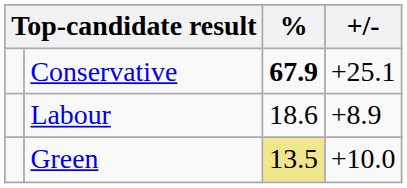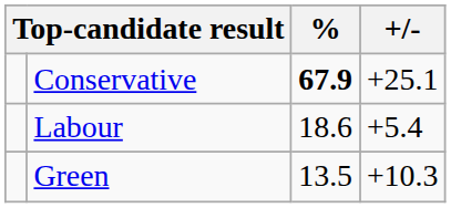 <table class="wikitable">
 <tr>
 <th colspan="2">Top-candidate result</th>
 <th>%</th>
 <th>+/-</th>
 </tr>
 <tr>
 <td style="background-color: "></td>
 <td><a href='#'>Conservative</a></td>
 <td><strong>67.9</strong></td>
 <td><span>+25.1</span></td>
 </tr>
 <tr>
 <td style="background-color: "></td>
 <td><a href='#'>Labour</a></td>
 <td>18.6</td>
-<td><span>+8.9</span></td>
+<td><span>+5.4</span></td>
 </tr>
 <tr>
 <td style="background-color: "></td>
 <td><a href='#'>Green</a></td>
-<td style="background: khaki;">13.5</td>
-<td><span>+10.0</span></td>
+<td>13.5</td>
+<td><span>+10.3</span></td>
 </tr>
 </table>
